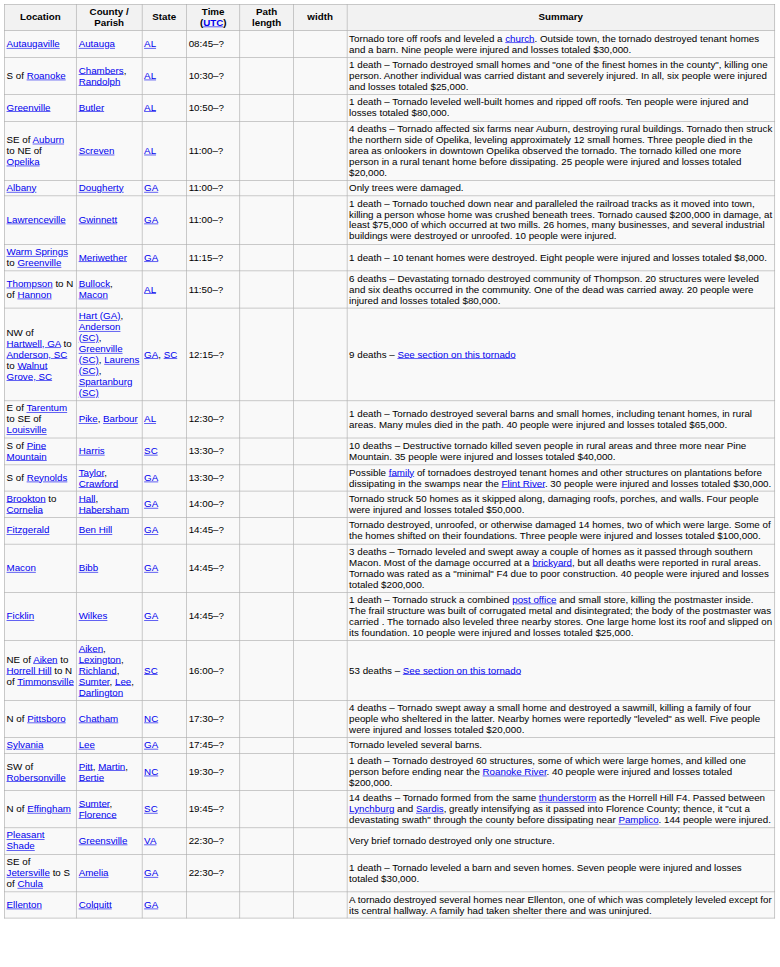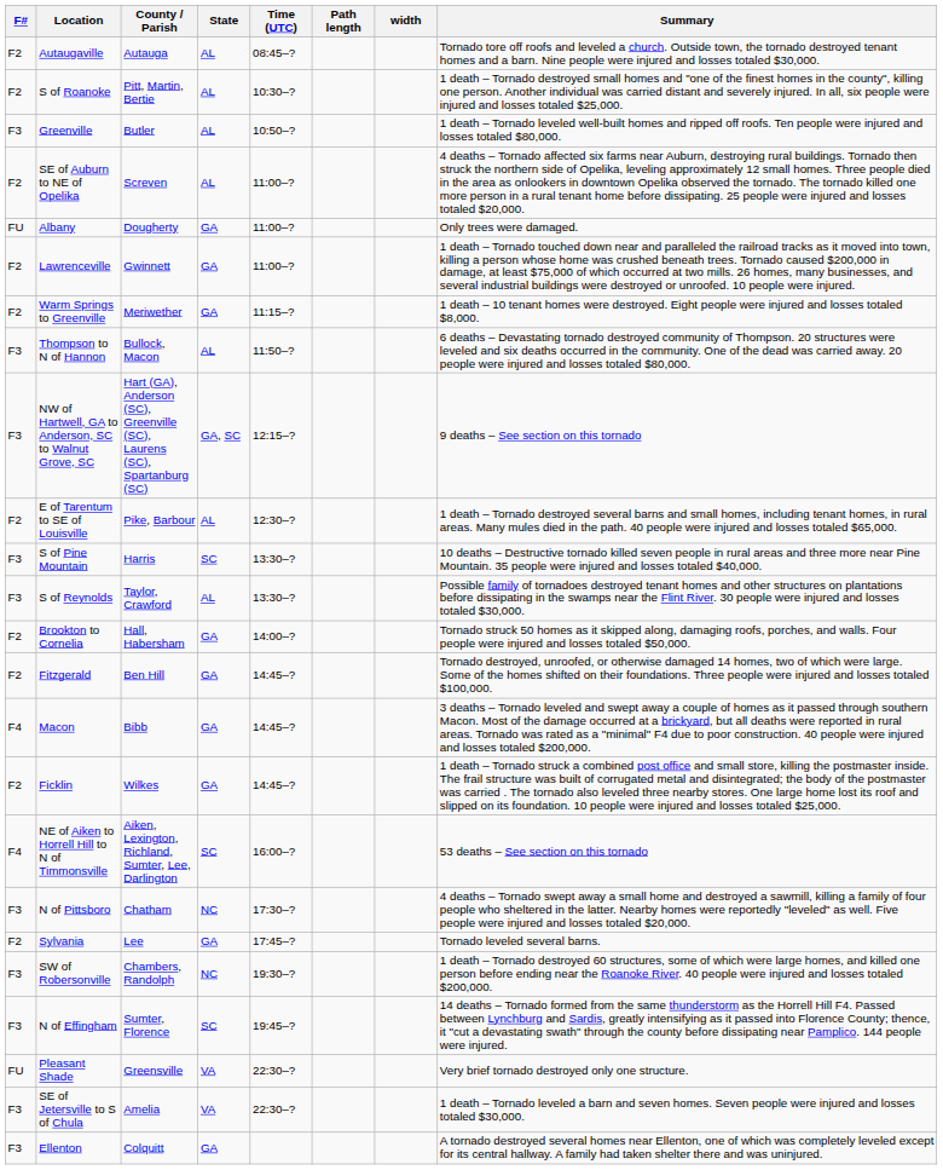 <table class="wikitable sortable" style="width:100%;">
 <tr>
+<th scope="col"  style="width:3%; text-align:center;"><a href='#'>F#</a></th>
 <th scope="col"  style="width:7%; text-align:center;" class="unsortable">Location</th>
 <th scope="col"  style="width:6%; text-align:center;" class="unsortable">County / Parish</th>
 <th scope="col"  style="width:5%; text-align:center;">State</th>
 <th scope="col"  style="width:6%; text-align:center;">Time (<a href='#'>UTC</a>)</th>
 <th scope="col"  style="width:6%; text-align:center;">Path length</th>
 <th scope="col"  style="width:6%; text-align:center;"> width</th>
 <th scope="col" class="unsortable" style="width:48%; text-align:center;">Summary</th>
 </tr>
 <tr>
+<td>F2</td>
 <td><a href='#'>Autaugaville</a></td>
 <td><a href='#'>Autauga</a></td>
 <td><a href='#'>AL</a></td>
 <td>08:45–?</td>
 <td></td>
 <td></td>
 <td>Tornado tore off roofs and leveled a <a href='#'>church</a>. Outside town, the tornado destroyed tenant homes and a barn. Nine people were injured and losses totaled $30,000.</td>
 </tr>
 <tr>
+<td>F2</td>
 <td>S of <a href='#'>Roanoke</a></td>
-<td><a href='#'>Chambers</a>, <a href='#'>Randolph</a></td>
+<td><a href='#'>Pitt</a>, <a href='#'>Martin</a>, <a href='#'>Bertie</a></td>
 <td><a href='#'>AL</a></td>
 <td>10:30–?</td>
 <td></td>
 <td></td>
 <td>1 death – Tornado destroyed small homes and "one of the finest homes in the county", killing one person. Another individual was carried  distant and severely injured. In all, six people were injured and losses totaled $25,000.</td>
 </tr>
 <tr>
+<td>F3</td>
 <td><a href='#'>Greenville</a></td>
 <td><a href='#'>Butler</a></td>
 <td><a href='#'>AL</a></td>
 <td>10:50–?</td>
 <td></td>
 <td></td>
 <td>1 death – Tornado leveled well-built homes and ripped off roofs. Ten people were injured and losses totaled $80,000.</td>
 </tr>
 <tr>
+<td>F2</td>
 <td>SE of <a href='#'>Auburn</a> to NE of <a href='#'>Opelika</a></td>
 <td><a href='#'>Screven</a></td>
 <td><a href='#'>AL</a></td>
 <td>11:00–?</td>
 <td></td>
 <td></td>
 <td>4 deaths – Tornado affected six farms near Auburn, destroying rural buildings. Tornado then struck the northern side of Opelika, leveling approximately 12 small homes. Three people died in the area as onlookers in downtown Opelika observed the tornado. The tornado killed one more person in a rural tenant home before dissipating. 25 people were injured and losses totaled $20,000.</td>
 </tr>
 <tr>
+<td>FU</td>
 <td><a href='#'>Albany</a></td>
 <td><a href='#'>Dougherty</a></td>
 <td><a href='#'>GA</a></td>
 <td>11:00–?</td>
 <td></td>
 <td></td>
 <td>Only trees were damaged.</td>
 </tr>
 <tr>
+<td>F2</td>
 <td><a href='#'>Lawrenceville</a></td>
 <td><a href='#'>Gwinnett</a></td>
 <td><a href='#'>GA</a></td>
 <td>11:00–?</td>
 <td></td>
 <td></td>
 <td>1 death – Tornado touched down near and paralleled the railroad tracks as it moved into town, killing a person whose home was crushed beneath trees. Tornado caused $200,000 in damage, at least $75,000 of which occurred at two mills. 26 homes, many businesses, and several industrial buildings were destroyed or unroofed. 10 people were injured.</td>
 </tr>
 <tr>
+<td>F2</td>
 <td><a href='#'>Warm Springs</a> to <a href='#'>Greenville</a></td>
 <td><a href='#'>Meriwether</a></td>
 <td><a href='#'>GA</a></td>
 <td>11:15–?</td>
 <td></td>
 <td></td>
 <td>1 death – 10 tenant homes were destroyed. Eight people were injured and losses totaled $8,000.</td>
 </tr>
 <tr>
+<td>F3</td>
 <td><a href='#'>Thompson</a> to N of <a href='#'>Hannon</a></td>
 <td><a href='#'>Bullock</a>, <a href='#'>Macon</a></td>
 <td><a href='#'>AL</a></td>
 <td>11:50–?</td>
 <td></td>
 <td></td>
 <td>6 deaths – Devastating tornado destroyed community of Thompson. 20 structures were leveled and six deaths occurred in the community. One of the dead was carried  away. 20 people were injured and losses totaled $80,000.</td>
 </tr>
 <tr>
+<td>F3</td>
 <td>NW of <a href='#'>Hartwell, GA</a> to <a href='#'>Anderson, SC</a> to <a href='#'>Walnut Grove, SC</a></td>
 <td><a href='#'>Hart (GA)</a>, <a href='#'>Anderson (SC)</a>, <a href='#'>Greenville (SC)</a>, <a href='#'>Laurens (SC)</a>, <a href='#'>Spartanburg (SC)</a></td>
 <td><a href='#'>GA</a>, <a href='#'>SC</a></td>
 <td>12:15–?</td>
 <td></td>
 <td></td>
 <td>9 deaths – <a href='#'>See section on this tornado</a></td>
 </tr>
 <tr>
+<td>F2</td>
 <td>E of <a href='#'>Tarentum</a> to SE of <a href='#'>Louisville</a></td>
 <td><a href='#'>Pike</a>, <a href='#'>Barbour</a></td>
 <td><a href='#'>AL</a></td>
 <td>12:30–?</td>
 <td></td>
 <td></td>
 <td>1 death – Tornado destroyed several barns and small homes, including tenant homes, in rural areas. Many mules died in the path. 40 people were injured and losses totaled $65,000.</td>
 </tr>
 <tr>
+<td>F3</td>
 <td>S of <a href='#'>Pine Mountain</a></td>
 <td><a href='#'>Harris</a></td>
 <td><a href='#'>SC</a></td>
 <td>13:30–?</td>
 <td></td>
 <td></td>
 <td>10 deaths – Destructive tornado killed seven people in rural areas and three more near Pine Mountain. 35 people were injured and losses totaled $40,000.</td>
 </tr>
 <tr>
+<td>F3</td>
 <td>S of <a href='#'>Reynolds</a></td>
 <td><a href='#'>Taylor</a>, <a href='#'>Crawford</a></td>
-<td><a href='#'>GA</a></td>
+<td><a href='#'>AL</a></td>
 <td>13:30–?</td>
 <td></td>
 <td></td>
 <td>Possible <a href='#'>family</a> of tornadoes destroyed tenant homes and other structures on plantations before dissipating in the swamps near the <a href='#'>Flint River</a>. 30 people were injured and losses totaled $30,000.</td>
 </tr>
 <tr>
+<td>F2</td>
 <td><a href='#'>Brookton</a> to <a href='#'>Cornelia</a></td>
 <td><a href='#'>Hall</a>, <a href='#'>Habersham</a></td>
 <td><a href='#'>GA</a></td>
 <td>14:00–?</td>
 <td></td>
 <td></td>
 <td>Tornado struck 50 homes as it skipped along, damaging roofs, porches, and walls. Four people were injured and losses totaled $50,000.</td>
 </tr>
 <tr>
+<td>F2</td>
 <td><a href='#'>Fitzgerald</a></td>
 <td><a href='#'>Ben Hill</a></td>
 <td><a href='#'>GA</a></td>
 <td>14:45–?</td>
 <td></td>
 <td></td>
 <td>Tornado destroyed, unroofed, or otherwise damaged 14 homes, two of which were large. Some of the homes shifted on their foundations. Three people were injured and losses totaled $100,000.</td>
 </tr>
 <tr>
+<td>F4</td>
 <td><a href='#'>Macon</a></td>
 <td><a href='#'>Bibb</a></td>
 <td><a href='#'>GA</a></td>
 <td>14:45–?</td>
 <td></td>
 <td></td>
 <td>3 deaths – Tornado leveled and swept away a couple of homes as it passed through southern Macon. Most of the damage occurred at a <a href='#'>brickyard</a>, but all deaths were reported in rural areas. Tornado was rated as a "minimal" F4 due to poor construction. 40 people were injured and losses totaled $200,000.</td>
 </tr>
 <tr>
+<td>F2</td>
 <td><a href='#'>Ficklin</a></td>
 <td><a href='#'>Wilkes</a></td>
 <td><a href='#'>GA</a></td>
 <td>14:45–?</td>
 <td></td>
 <td></td>
 <td>1 death – Tornado struck a combined <a href='#'>post office</a> and small store, killing the postmaster inside. The frail structure was built of corrugated metal and disintegrated; the body of the postmaster was carried . The tornado also leveled three nearby stores. One large home lost its roof and slipped on its foundation. 10 people were injured and losses totaled $25,000.</td>
 </tr>
 <tr>
+<td>F4</td>
 <td>NE of <a href='#'>Aiken</a> to <a href='#'>Horrell Hill</a> to N of <a href='#'>Timmonsville</a></td>
 <td><a href='#'>Aiken</a>, <a href='#'>Lexington</a>, <a href='#'>Richland</a>, <a href='#'>Sumter</a>, <a href='#'>Lee</a>, <a href='#'>Darlington</a></td>
 <td><a href='#'>SC</a></td>
 <td>16:00–?</td>
 <td></td>
 <td></td>
 <td>53 deaths – <a href='#'>See section on this tornado</a></td>
 </tr>
 <tr>
+<td>F3</td>
 <td>N of <a href='#'>Pittsboro</a></td>
 <td><a href='#'>Chatham</a></td>
 <td><a href='#'>NC</a></td>
 <td>17:30–?</td>
 <td></td>
 <td></td>
 <td>4 deaths – Tornado swept away a small home and destroyed a sawmill, killing a family of four people who sheltered in the latter. Nearby homes were reportedly "leveled" as well. Five people were injured and losses totaled $20,000.</td>
 </tr>
 <tr>
+<td>F2</td>
 <td><a href='#'>Sylvania</a></td>
 <td><a href='#'>Lee</a></td>
 <td><a href='#'>GA</a></td>
 <td>17:45–?</td>
 <td></td>
 <td></td>
 <td>Tornado leveled several barns.</td>
 </tr>
 <tr>
+<td>F3</td>
 <td>SW of <a href='#'>Robersonville</a></td>
-<td><a href='#'>Pitt</a>, <a href='#'>Martin</a>, <a href='#'>Bertie</a></td>
+<td><a href='#'>Chambers</a>, <a href='#'>Randolph</a></td>
 <td><a href='#'>NC</a></td>
 <td>19:30–?</td>
 <td></td>
 <td></td>
 <td>1 death – Tornado destroyed 60 structures, some of which were large homes, and killed one person before ending near the <a href='#'>Roanoke River</a>. 40 people were injured and losses totaled $200,000.</td>
 </tr>
 <tr>
+<td>F3</td>
 <td>N of <a href='#'>Effingham</a></td>
 <td><a href='#'>Sumter</a>, <a href='#'>Florence</a></td>
 <td><a href='#'>SC</a></td>
 <td>19:45–?</td>
 <td></td>
 <td></td>
 <td>14 deaths – Tornado formed from the same <a href='#'>thunderstorm</a> as the Horrell Hill F4. Passed between <a href='#'>Lynchburg</a> and <a href='#'>Sardis</a>, greatly intensifying as it passed into Florence County; thence, it "cut a devastating swath" through the county before dissipating near <a href='#'>Pamplico</a>. 144 people were injured.</td>
 </tr>
 <tr>
+<td bgcolor=>FU</td>
 <td><a href='#'>Pleasant Shade</a></td>
 <td><a href='#'>Greensville</a></td>
 <td><a href='#'>VA</a></td>
 <td>22:30–?</td>
 <td></td>
 <td></td>
 <td>Very brief tornado destroyed only one structure.</td>
 </tr>
 <tr>
+<td>F3</td>
 <td>SE of <a href='#'>Jetersville</a> to S of <a href='#'>Chula</a></td>
 <td><a href='#'>Amelia</a></td>
-<td><a href='#'>GA</a></td>
+<td><a href='#'>VA</a></td>
 <td>22:30–?</td>
 <td></td>
 <td></td>
 <td>1 death – Tornado leveled a barn and seven homes. Seven people were injured and losses totaled $30,000.</td>
 </tr>
 <tr>
+<td>F3</td>
 <td><a href='#'>Ellenton</a></td>
 <td><a href='#'>Colquitt</a></td>
 <td><a href='#'>GA</a></td>
 <td></td>
 <td></td>
 <td></td>
 <td>A tornado destroyed several homes near Ellenton, one of which was completely leveled except for its central hallway. A family had taken shelter there and was uninjured.</td>
 </tr>
 </table>
